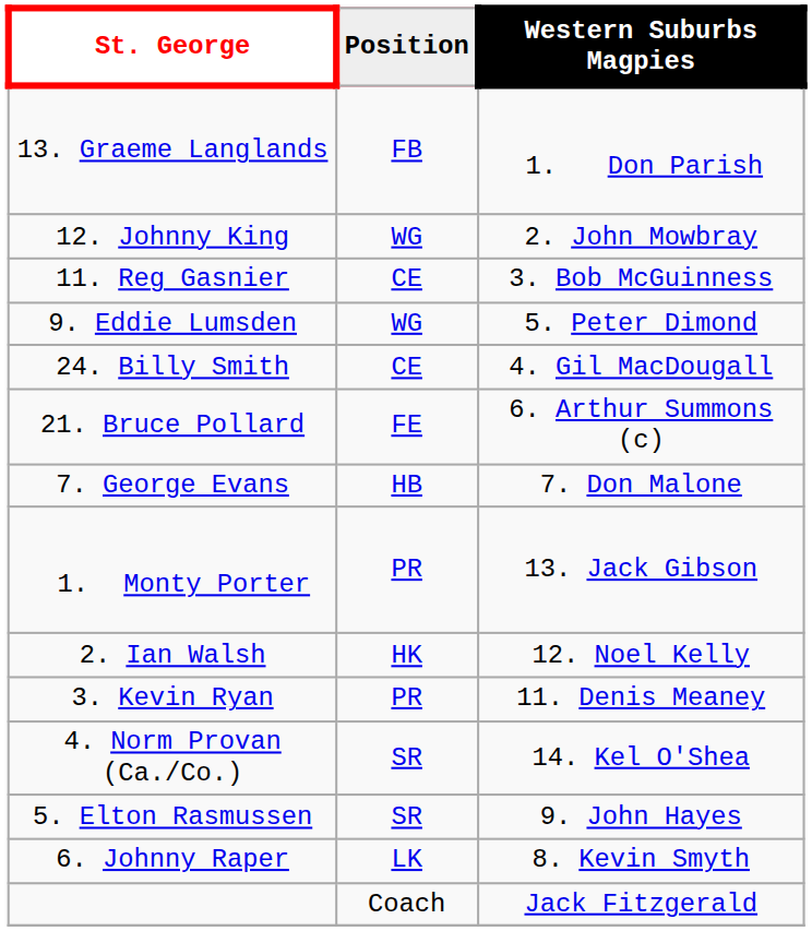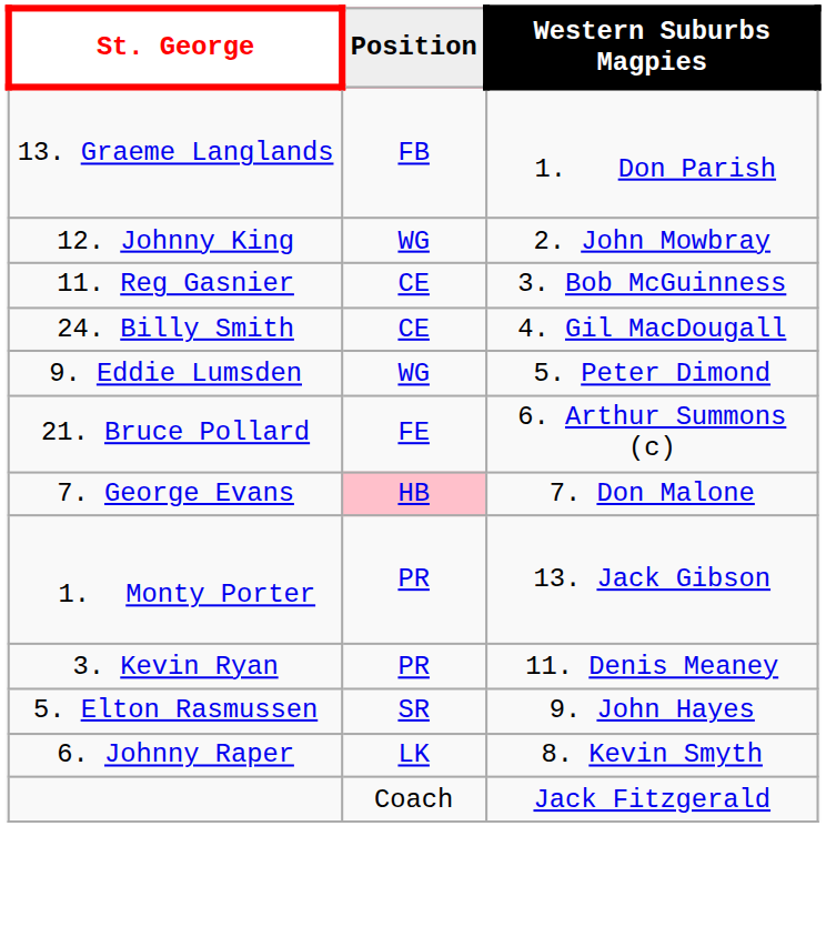 <table align="right" class="wikitable" style="font-size:90%; margin-left:1em">
 <tr bgcolor="#FF0033">
 <th style="width:140px; border:3px solid red; background: white; color: red">St. George</th>
 <th style="width:40px; text-align:center; background:#eee; color:black;">Position</th>
 <th style="width:140px; border:3px solid black; background: black; color: white">Western Suburbs Magpies</th>
 </tr>
 <tr align=center>
 <td>13. <a href='#'>Graeme Langlands</a></td>
 <td><a href='#'>FB</a></td>
 <td><br><ol><li><a href='#'>Don Parish</a></li></ol></td>
 </tr>
 <tr align=center>
 <td>12. <a href='#'>Johnny King</a></td>
 <td><a href='#'>WG</a></td>
 <td>2. <a href='#'>John Mowbray</a></td>
 </tr>
 <tr align=center>
 <td>11. <a href='#'>Reg Gasnier</a></td>
 <td><a href='#'>CE</a></td>
 <td>3. <a href='#'>Bob McGuinness</a></td>
 </tr>
 <tr align=center>
+<td>24. <a href='#'>Billy Smith</a></td>
+<td><a href='#'>CE</a></td>
+<td>4. <a href='#'>Gil MacDougall</a></td>
+</tr>
+<tr align=center>
 <td>9. <a href='#'>Eddie Lumsden</a></td>
 <td><a href='#'>WG</a></td>
 <td>5. <a href='#'>Peter Dimond</a></td>
-</tr>
-<tr align=center>
-<td>24. <a href='#'>Billy Smith</a></td>
-<td><a href='#'>CE</a></td>
-<td>4. <a href='#'>Gil MacDougall</a></td>
 </tr>
 <tr align=center>
 <td>21. <a href='#'>Bruce Pollard</a></td>
 <td><a href='#'>FE</a></td>
 <td>6. <a href='#'>Arthur Summons</a> (c)</td>
 </tr>
 <tr align=center>
 <td>7. <a href='#'>George Evans</a></td>
-<td><a href='#'>HB</a></td>
+<td style="background: pink;"><a href='#'>HB</a></td>
 <td>7. <a href='#'>Don Malone</a></td>
 </tr>
 <tr align=center>
 <td><br><ol><li><a href='#'>Monty Porter</a></li></ol></td>
 <td><a href='#'>PR</a></td>
 <td>13. <a href='#'>Jack Gibson</a></td>
 </tr>
 <tr align=center>
-<td>2. <a href='#'>Ian Walsh</a></td>
-<td><a href='#'>HK</a></td>
-<td>12. <a href='#'>Noel Kelly</a></td>
-</tr>
-<tr align=center>
 <td>3. <a href='#'>Kevin Ryan</a></td>
 <td><a href='#'>PR</a></td>
 <td>11. <a href='#'>Denis Meaney</a></td>
-</tr>
-<tr align=center>
-<td>4. <a href='#'>Norm Provan</a> (Ca./Co.)</td>
-<td><a href='#'>SR</a></td>
-<td>14. <a href='#'>Kel O'Shea</a></td>
 </tr>
 <tr align=center>
 <td>5. <a href='#'>Elton Rasmussen</a></td>
 <td><a href='#'>SR</a></td>
 <td>9. <a href='#'>John Hayes</a></td>
 </tr>
 <tr align=center>
 <td>6. <a href='#'>Johnny Raper</a></td>
 <td><a href='#'>LK</a></td>
 <td>8. <a href='#'>Kevin Smyth</a></td>
 </tr>
 <tr align=center>
 <td></td>
 <td>Coach</td>
 <td><a href='#'>Jack Fitzgerald</a></td>
 </tr>
 <tr>
 </tr>
 </table>
